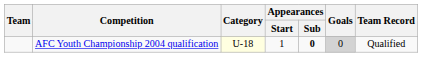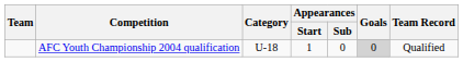 <table class="wikitable" style="text-align: center;">
 <tr>
 <th rowspan="2">Team</th>
 <th rowspan="2">Competition</th>
 <th rowspan="2">Category</th>
 <th colspan="2">Appearances</th>
 <th rowspan="2">Goals</th>
 <th rowspan="2">Team Record</th>
 </tr>
 <tr>
 <th>Start</th>
 <th>Sub</th>
 </tr>
 <tr>
 <td align="left"></td>
 <td><a href='#'>AFC Youth Championship 2004 qualification</a></td>
-<td style="background: lightyellow;">U-18</td>
+<td>U-18</td>
 <td>1</td>
-<td><strong>0</strong></td>
+<td>0</td>
 <td style="background: lightgrey;">0</td>
 <td>Qualified</td>
 </tr>
 </table>
